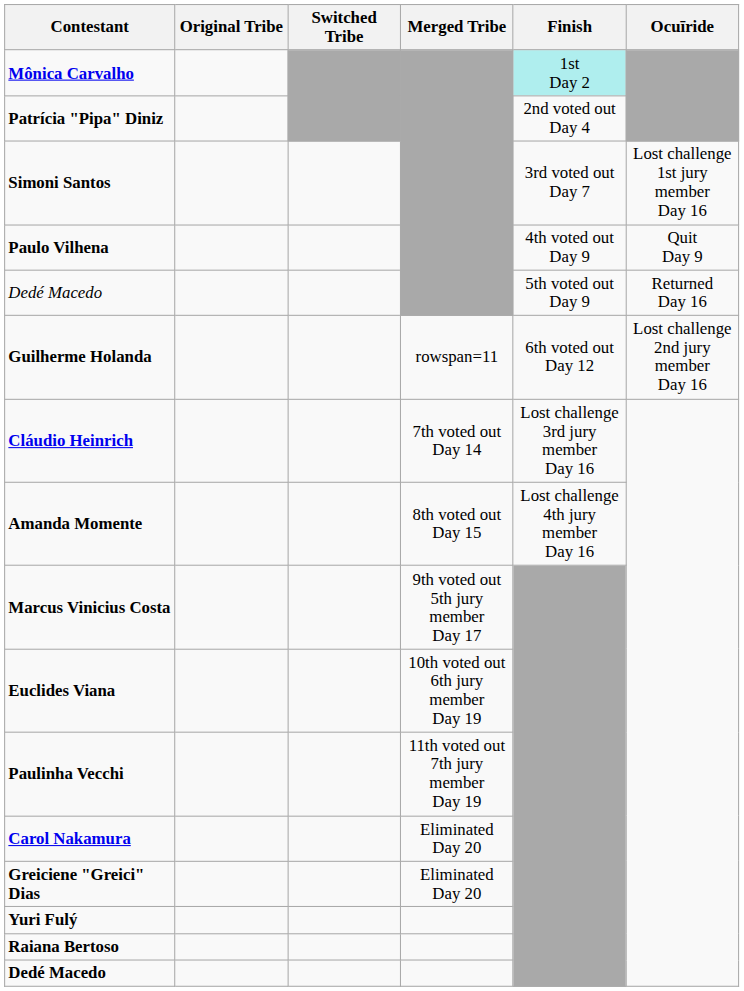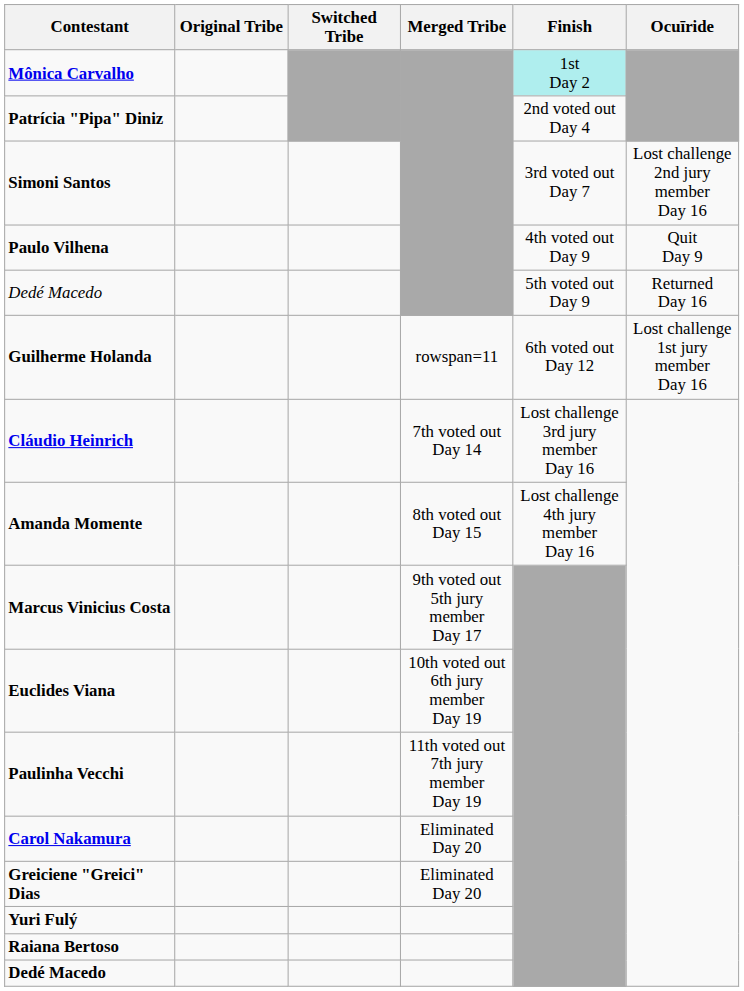 <table class="wikitable" style="margin:auto; text-align:center">
 <tr>
 <th width=155>Contestant</th>
 <th width=100>Original Tribe</th>
 <th width=100>Switched Tribe</th>
 <th width=100>Merged Tribe</th>
 <th width=100>Finish</th>
 <th width=100>Ocuīride</th>
 </tr>
 <tr>
 <td align="left"><strong><a href='#'>Mônica Carvalho</a></strong><br></td>
 <td></td>
 <td rowspan="2" bgcolor="#A9A9A9"></td>
 <td rowspan="5" bgcolor="#A9A9A9"></td>
 <td style="background: paleturquoise;">1st <br>Day 2</td>
 <td rowspan="2" bgcolor="#A9A9A9"></td>
 </tr>
 <tr>
 <td align="left"><strong>Patrícia "Pipa" Diniz</strong><br></td>
 <td></td>
 <td>2nd voted out<br>Day 4</td>
 </tr>
 <tr>
 <td align="left"><strong>Simoni Santos</strong><br></td>
 <td></td>
 <td></td>
 <td>3rd voted out<br>Day 7</td>
-<td>Lost challenge<br>1st jury member<br>Day 16</td>
+<td>Lost challenge<br>2nd jury member<br>Day 16</td>
 </tr>
 <tr>
 <td align="left"><strong>Paulo Vilhena</strong><br></td>
 <td></td>
 <td></td>
 <td>4th voted out<br>Day 9</td>
 <td>Quit<br>Day 9</td>
 </tr>
 <tr>
 <td align="left"><em>Dedé Macedo</em><br><em></em></td>
 <td></td>
 <td></td>
 <td>5th voted out<br>Day 9</td>
 <td>Returned<br>Day 16</td>
 </tr>
 <tr>
 <td align="left"><strong>Guilherme Holanda</strong><br></td>
 <td></td>
 <td></td>
 <td>rowspan=11 </td>
 <td>6th voted out<br>Day 12</td>
-<td>Lost challenge<br>2nd jury member<br>Day 16</td>
+<td>Lost challenge<br>1st jury member<br>Day 16</td>
 </tr>
 <tr>
 <td align="left"><strong><a href='#'>Cláudio Heinrich</a></strong><br></td>
 <td></td>
 <td></td>
 <td>7th voted out<br>Day 14</td>
 <td>Lost challenge<br>3rd jury member<br>Day 16</td>
 </tr>
 <tr>
 <td align="left"><strong>Amanda Momente</strong><br></td>
 <td></td>
 <td></td>
 <td>8th voted out<br>Day 15</td>
 <td>Lost challenge<br>4th jury member<br>Day 16</td>
 </tr>
 <tr>
 <td align="left"><strong>Marcus Vinicius Costa</strong><br></td>
 <td></td>
 <td></td>
 <td>9th voted out<br>5th jury member<br>Day 17</td>
 <td rowspan="8" bgcolor="#A9A9A9"></td>
 </tr>
 <tr>
 <td align="left"><strong>Euclides Viana</strong><br></td>
 <td></td>
 <td></td>
 <td>10th voted out<br>6th jury member<br>Day 19</td>
 </tr>
 <tr>
 <td align="left"><strong>Paulinha Vecchi</strong><br></td>
 <td></td>
 <td></td>
 <td>11th voted out<br>7th jury member<br>Day 19</td>
 </tr>
 <tr>
 <td align="left"><strong><a href='#'>Carol Nakamura</a></strong><br></td>
 <td></td>
 <td></td>
 <td>Eliminated<br>Day 20</td>
 </tr>
 <tr>
 <td align="left"><strong>Greiciene "Greici" Dias</strong><br></td>
 <td></td>
 <td></td>
 <td>Eliminated<br>Day 20</td>
 </tr>
 <tr>
 <td align="left"><strong>Yuri Fulý</strong><br></td>
 <td></td>
 <td></td>
 <td></td>
 </tr>
 <tr>
 <td align="left"><strong>Raiana Bertoso</strong><br></td>
 <td></td>
 <td></td>
 <td></td>
 </tr>
 <tr>
 <td align="left"><strong>Dedé Macedo</strong><br></td>
 <td></td>
 <td></td>
 <td></td>
 </tr>
 </table>
